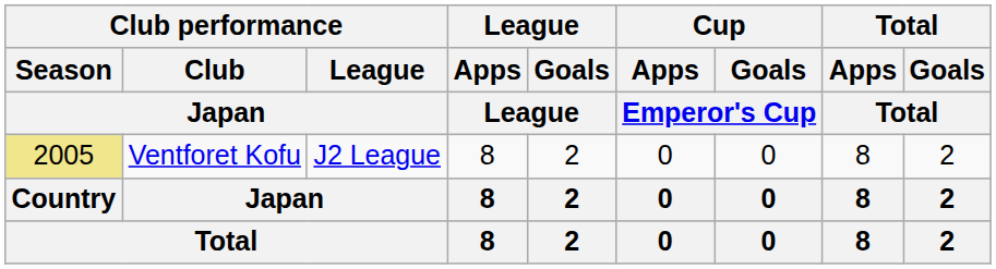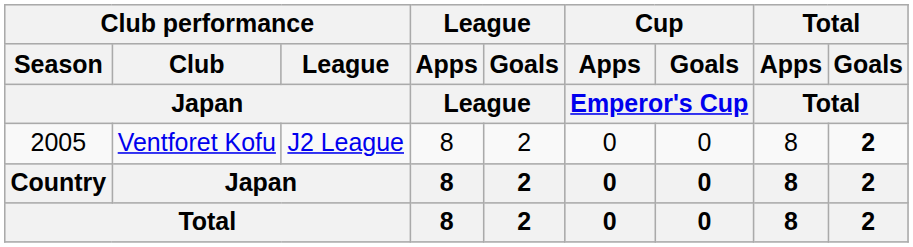 <table class="wikitable" style="text-align:center;">
 <tr>
 <th colspan=3>Club performance</th>
 <th colspan=2>League</th>
 <th colspan=2>Cup</th>
 <th colspan=2>Total</th>
 </tr>
 <tr>
 <th>Season</th>
 <th>Club</th>
 <th>League</th>
 <th>Apps</th>
 <th>Goals</th>
 <th>Apps</th>
 <th>Goals</th>
 <th>Apps</th>
 <th>Goals</th>
 </tr>
 <tr>
 <th colspan=3>Japan</th>
 <th colspan=2>League</th>
 <th colspan=2><a href='#'>Emperor's Cup</a></th>
 <th colspan=2>Total</th>
 </tr>
 <tr>
-<td style="background: khaki;">2005</td>
+<td>2005</td>
 <td><a href='#'>Ventforet Kofu</a></td>
 <td><a href='#'>J2 League</a></td>
 <td>8</td>
 <td>2</td>
 <td>0</td>
 <td>0</td>
 <td>8</td>
-<td>2</td>
+<td><strong>2</strong></td>
 </tr>
 <tr>
 <th rowspan=1>Country</th>
 <th colspan=2>Japan</th>
 <th>8</th>
 <th>2</th>
 <th>0</th>
 <th>0</th>
 <th>8</th>
 <th>2</th>
 </tr>
 <tr>
 <th colspan=3>Total</th>
 <th>8</th>
 <th>2</th>
 <th>0</th>
 <th>0</th>
 <th>8</th>
 <th>2</th>
 </tr>
 </table>
